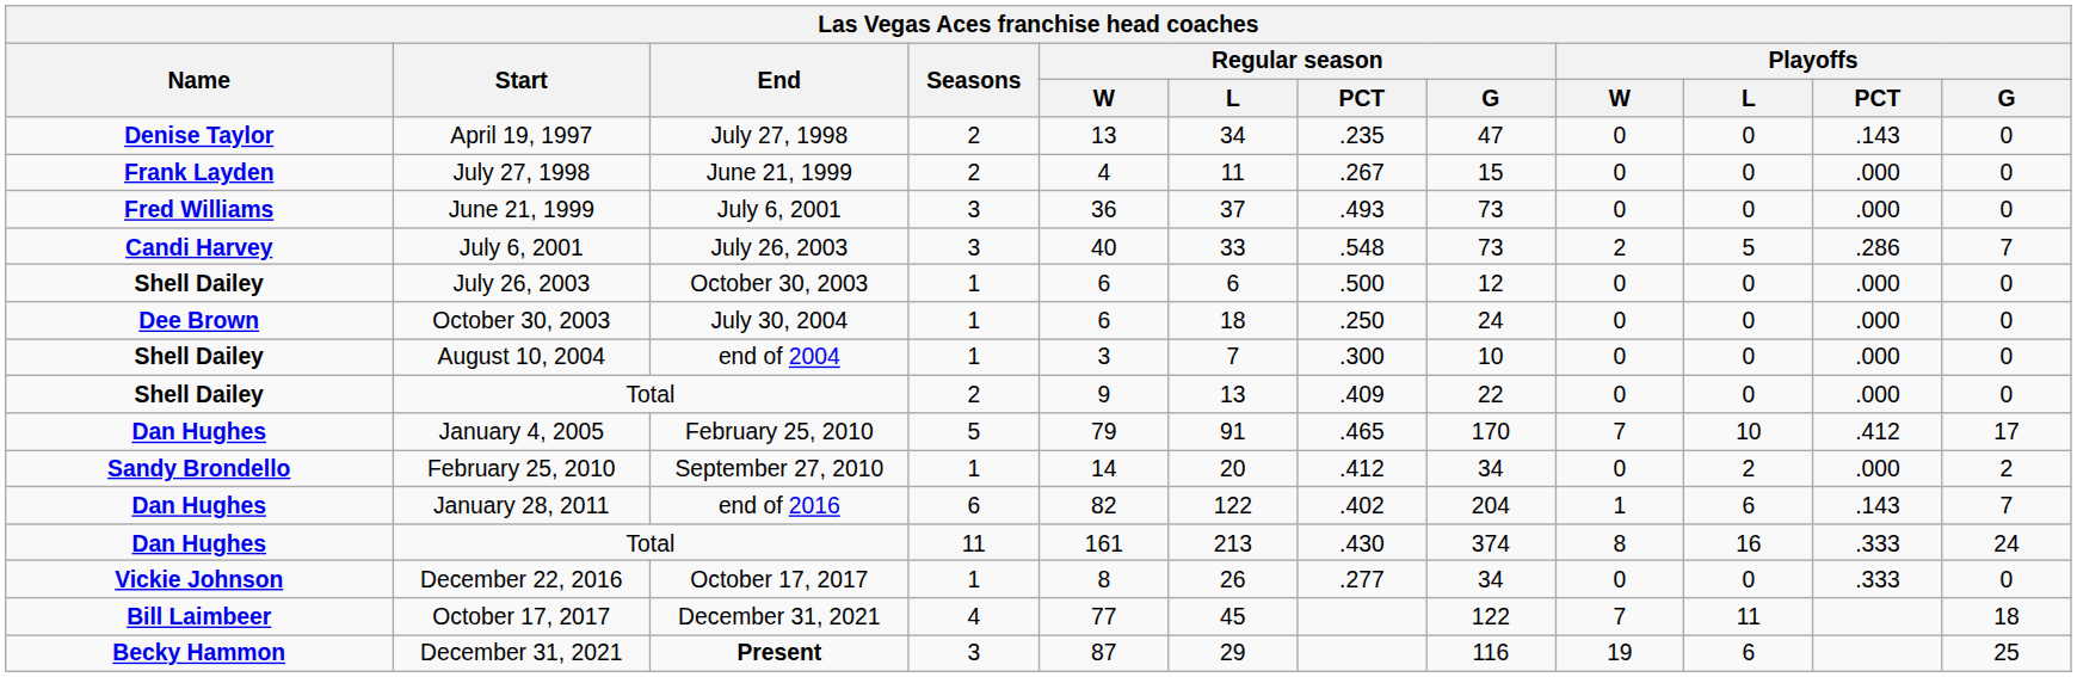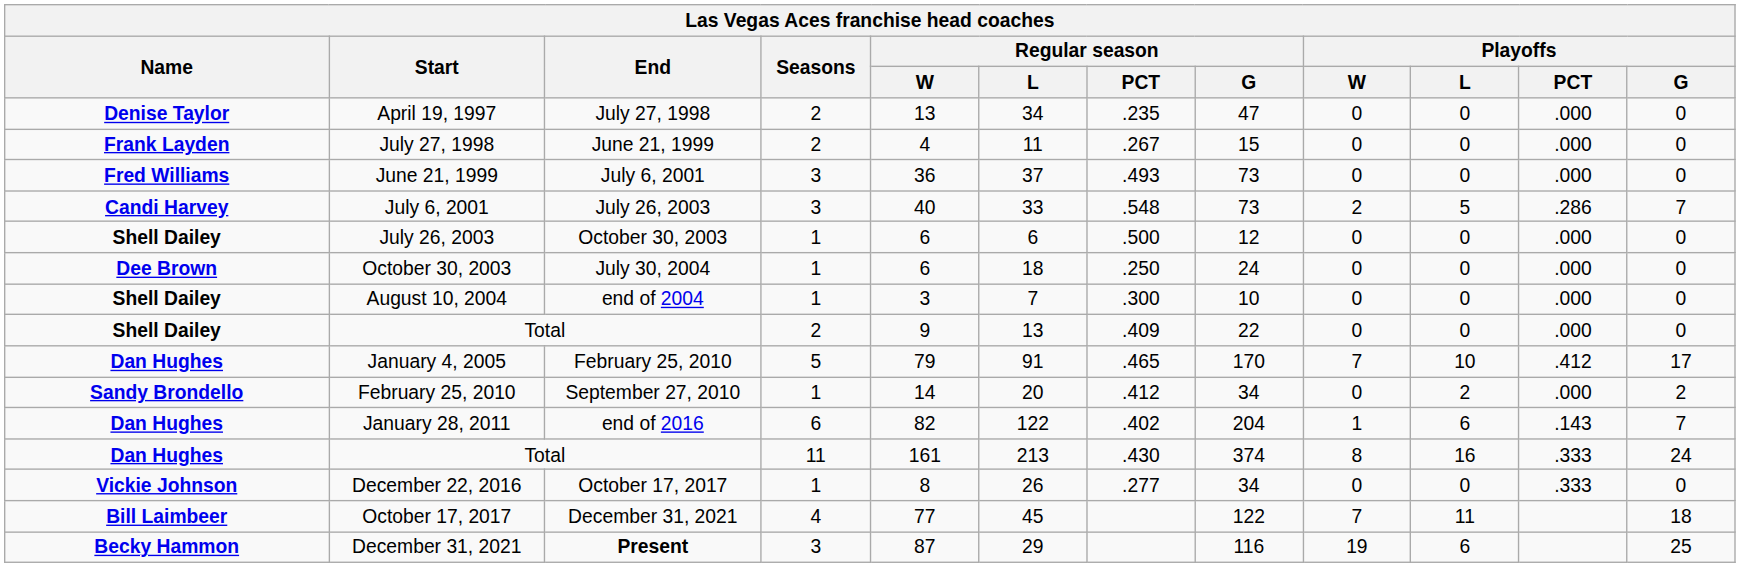 <table class="wikitable" style="clear:both; margin:1.5em auto; min-width:90%; font-size:88%; text-align:center;">
 <tr>
 <th colspan=12>Las Vegas Aces franchise head coaches</th>
 </tr>
 <tr>
 <th width="15%" rowspan=2>Name</th>
 <th width="10%" rowspan=2>Start</th>
 <th width="10%" rowspan=2>End</th>
 <th width="5%" rowspan=2>Seasons</th>
 <th width="20%" colspan=4>Regular season</th>
 <th width="20%" colspan=4>Playoffs</th>
 </tr>
 <tr>
 <th>W</th>
 <th>L</th>
 <th>PCT</th>
 <th>G</th>
 <th>W</th>
 <th>L</th>
 <th>PCT</th>
 <th>G</th>
 </tr>
 <tr>
 <td><strong><a href='#'>Denise Taylor</a></strong></td>
 <td>April 19, 1997</td>
 <td>July 27, 1998</td>
 <td>2</td>
 <td width="5%">13</td>
 <td width="5%">34</td>
 <td width="5%">.235</td>
 <td width="5%">47</td>
 <td width="5%">0</td>
 <td width="5%">0</td>
-<td width="5%">.143</td>
+<td width="5%">.000</td>
 <td width="5%">0</td>
 </tr>
 <tr>
 <td><strong><a href='#'>Frank Layden</a></strong></td>
 <td>July 27, 1998</td>
 <td>June 21, 1999</td>
 <td>2</td>
 <td width="5%">4</td>
 <td width="5%">11</td>
 <td width="5%">.267</td>
 <td width="5%">15</td>
 <td width="5%">0</td>
 <td width="5%">0</td>
 <td width="5%">.000</td>
 <td width="5%">0</td>
 </tr>
 <tr>
 <td><strong><a href='#'>Fred Williams</a></strong></td>
 <td>June 21, 1999</td>
 <td>July 6, 2001</td>
 <td>3</td>
 <td width="5%">36</td>
 <td width="5%">37</td>
 <td width="5%">.493</td>
 <td width="5%">73</td>
 <td width="5%">0</td>
 <td width="5%">0</td>
 <td width="5%">.000</td>
 <td width="5%">0</td>
 </tr>
 <tr>
 <td><strong><a href='#'>Candi Harvey</a></strong></td>
 <td>July 6, 2001</td>
 <td>July 26, 2003</td>
 <td>3</td>
 <td width="5%">40</td>
 <td width="5%">33</td>
 <td width="5%">.548</td>
 <td width="5%">73</td>
 <td width="5%">2</td>
 <td width="5%">5</td>
 <td width="5%">.286</td>
 <td width="5%">7</td>
 </tr>
 <tr>
 <td><strong>Shell Dailey</strong></td>
 <td>July 26, 2003</td>
 <td>October 30, 2003</td>
 <td>1</td>
 <td width="5%">6</td>
 <td width="5%">6</td>
 <td width="5%">.500</td>
 <td width="5%">12</td>
 <td width="5%">0</td>
 <td width="5%">0</td>
 <td width="5%">.000</td>
 <td width="5%">0</td>
 </tr>
 <tr>
 <td><strong><a href='#'>Dee Brown</a></strong></td>
 <td>October 30, 2003</td>
 <td>July 30, 2004</td>
 <td>1</td>
 <td width="5%">6</td>
 <td width="5%">18</td>
 <td width="5%">.250</td>
 <td width="5%">24</td>
 <td width="5%">0</td>
 <td width="5%">0</td>
 <td width="5%">.000</td>
 <td width="5%">0</td>
 </tr>
 <tr>
 <td><strong>Shell Dailey</strong></td>
 <td>August 10, 2004</td>
 <td>end of <a href='#'>2004</a></td>
 <td>1</td>
 <td width="5%">3</td>
 <td width="5%">7</td>
 <td width="5%">.300</td>
 <td width="5%">10</td>
 <td width="5%">0</td>
 <td width="5%">0</td>
 <td width="5%">.000</td>
 <td width="5%">0</td>
 </tr>
 <tr>
 <td><strong>Shell Dailey</strong></td>
 <td colspan=2>Total</td>
 <td>2</td>
 <td width="5%">9</td>
 <td width="5%">13</td>
 <td width="5%">.409</td>
 <td width="5%">22</td>
 <td width="5%">0</td>
 <td width="5%">0</td>
 <td width="5%">.000</td>
 <td width="5%">0</td>
 </tr>
 <tr>
 <td><strong><a href='#'>Dan Hughes</a></strong></td>
 <td>January 4, 2005</td>
 <td>February 25, 2010</td>
 <td>5</td>
 <td width="5%">79</td>
 <td width="5%">91</td>
 <td width="5%">.465</td>
 <td width="5%">170</td>
 <td width="5%">7</td>
 <td width="5%">10</td>
 <td width="5%">.412</td>
 <td width="5%">17</td>
 </tr>
 <tr>
 <td><strong><a href='#'>Sandy Brondello</a></strong></td>
 <td>February 25, 2010</td>
 <td>September 27, 2010</td>
 <td>1</td>
 <td width="5%">14</td>
 <td width="5%">20</td>
 <td width="5%">.412</td>
 <td width="5%">34</td>
 <td width="5%">0</td>
 <td width="5%">2</td>
 <td width="5%">.000</td>
 <td width="5%">2</td>
 </tr>
 <tr>
 <td><strong><a href='#'>Dan Hughes</a></strong></td>
 <td>January 28, 2011</td>
 <td>end of <a href='#'>2016</a></td>
 <td>6</td>
 <td width="5%">82</td>
 <td width="5%">122</td>
 <td width="5%">.402</td>
 <td width="5%">204</td>
 <td width="5%">1</td>
 <td width="5%">6</td>
 <td width="5%">.143</td>
 <td width="5%">7</td>
 </tr>
 <tr>
 <td><strong><a href='#'>Dan Hughes</a></strong></td>
 <td colspan=2>Total</td>
 <td>11</td>
 <td width="5%">161</td>
 <td width="5%">213</td>
 <td width="5%">.430</td>
 <td width="5%">374</td>
 <td width="5%">8</td>
 <td width="5%">16</td>
 <td width="5%">.333</td>
 <td width="5%">24</td>
 </tr>
 <tr>
 <td><strong><a href='#'>Vickie Johnson</a></strong></td>
 <td>December 22, 2016</td>
 <td>October 17, 2017</td>
 <td>1</td>
 <td width="5%">8</td>
 <td width="5%">26</td>
 <td width="5%">.277</td>
 <td width="5%">34</td>
 <td width="5%">0</td>
 <td width="5%">0</td>
 <td width="5%">.333</td>
 <td width="5%">0</td>
 </tr>
 <tr>
 <td><strong><a href='#'>Bill Laimbeer</a></strong></td>
 <td>October 17, 2017</td>
 <td>December 31, 2021</td>
 <td>4</td>
 <td width="5%">77</td>
 <td width="5%">45</td>
 <td width="5%"></td>
 <td width="5%">122</td>
 <td width="5%">7</td>
 <td width="5%">11</td>
 <td width="5%"></td>
 <td width="5%">18</td>
 </tr>
 <tr>
 <td><strong><a href='#'>Becky Hammon</a></strong></td>
 <td>December 31, 2021</td>
 <td><strong>Present</strong></td>
 <td>3</td>
 <td width="5%">87</td>
 <td width="5%">29</td>
 <td width="5%"></td>
 <td width="5%">116</td>
 <td width="5%">19</td>
 <td width="5%">6</td>
 <td width="5%"></td>
 <td width="5%">25</td>
 </tr>
 </table>
